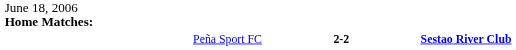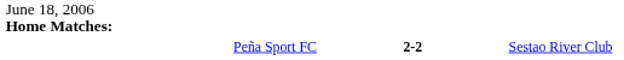 <table width=100% cellspacing=1>
 <tr>
 <th width=20%></th>
 <th width=12%></th>
 <th width=20%></th>
 <th></th>
 </tr>
 <tr>
 <td>June 18, 2006<br><strong>Home Matches:</strong></td>
 </tr>
 <tr style=font-size:90%>
 <td align=right><a href='#'>Peña Sport FC</a></td>
 <td align=center><strong>2-2</strong></td>
-<td><strong><a href='#'>Sestao River Club</a></strong></td>
+<td><a href='#'>Sestao River Club</a></td>
 </tr>
 </table>
